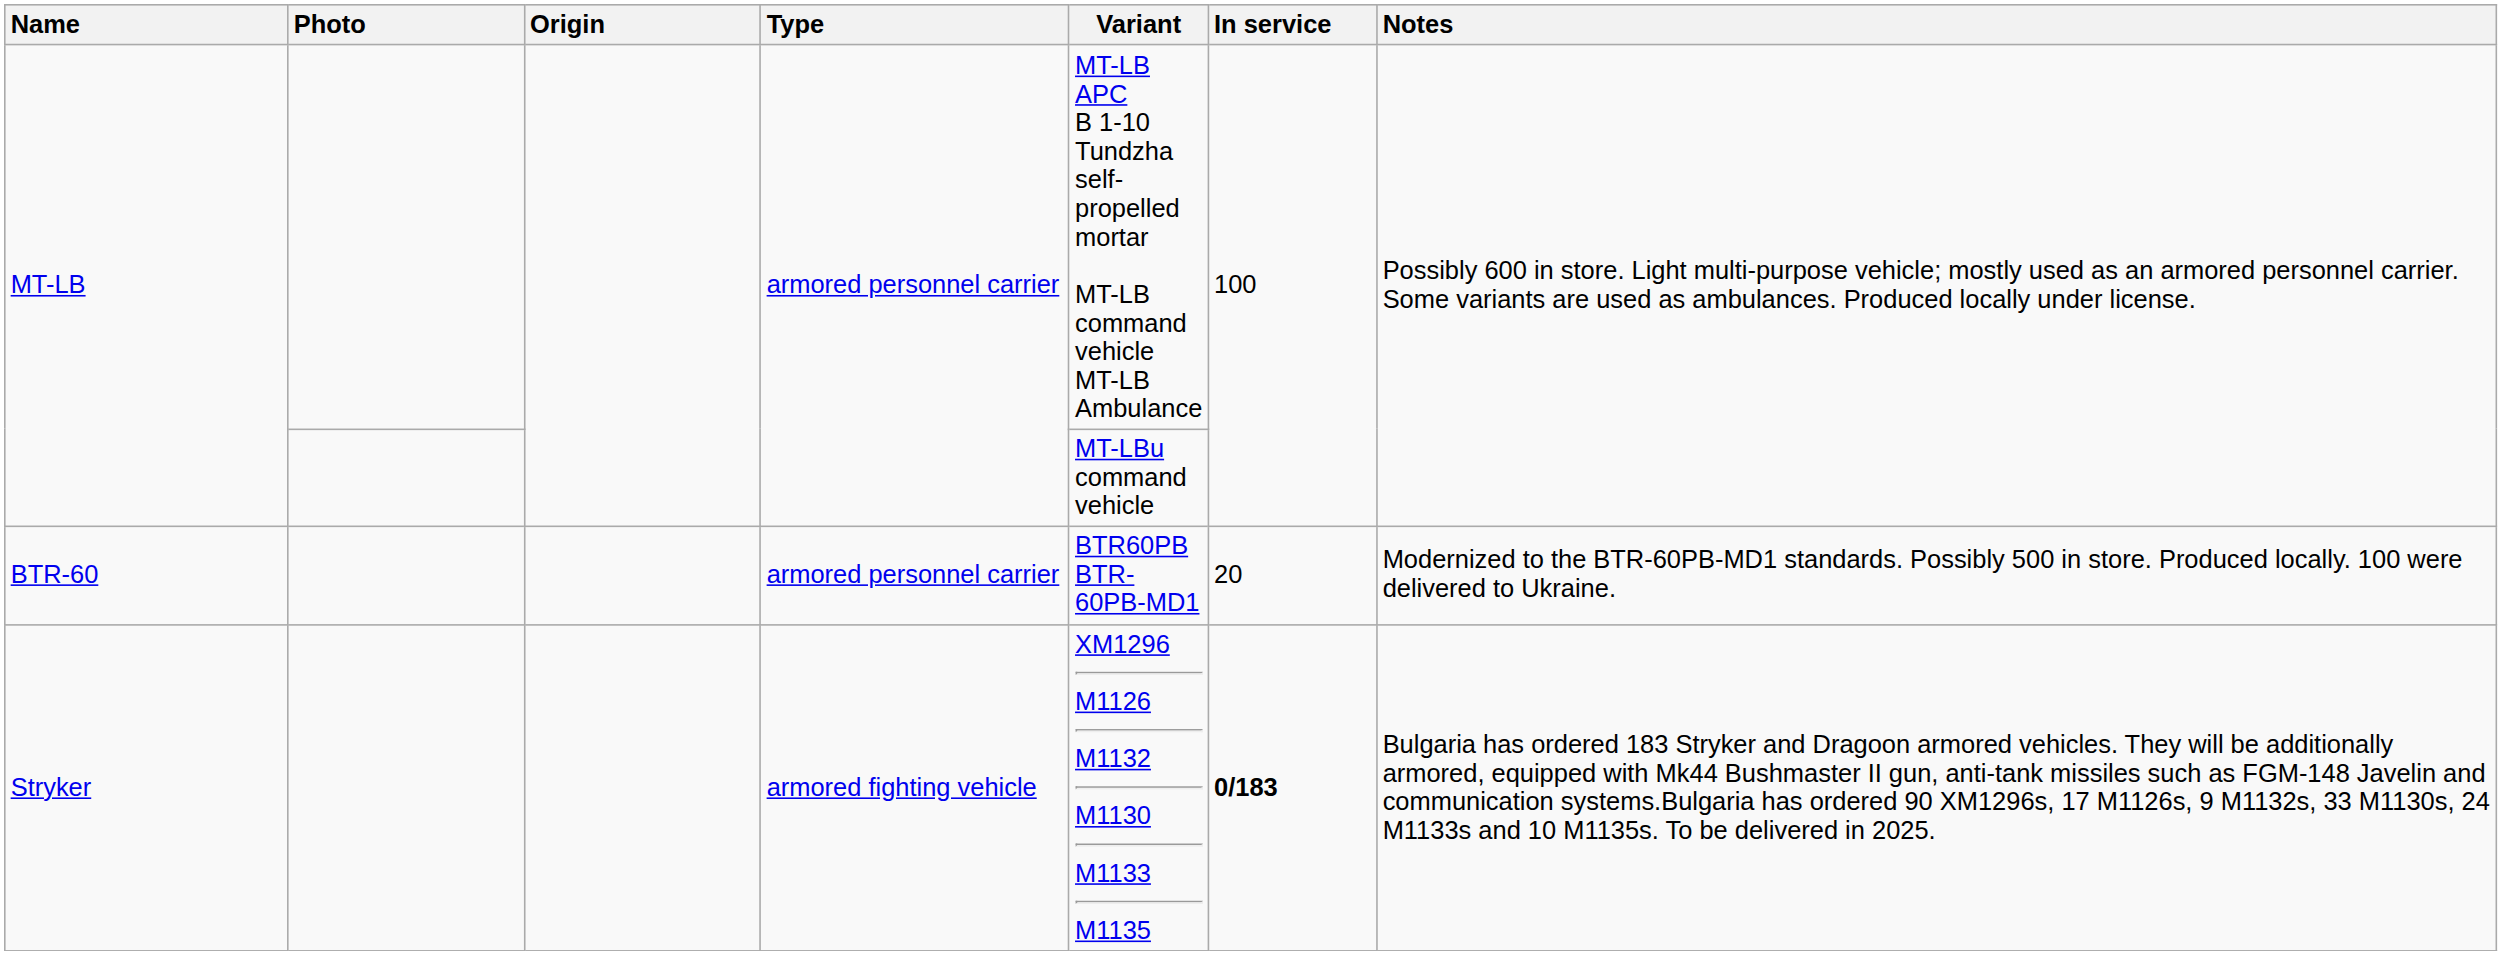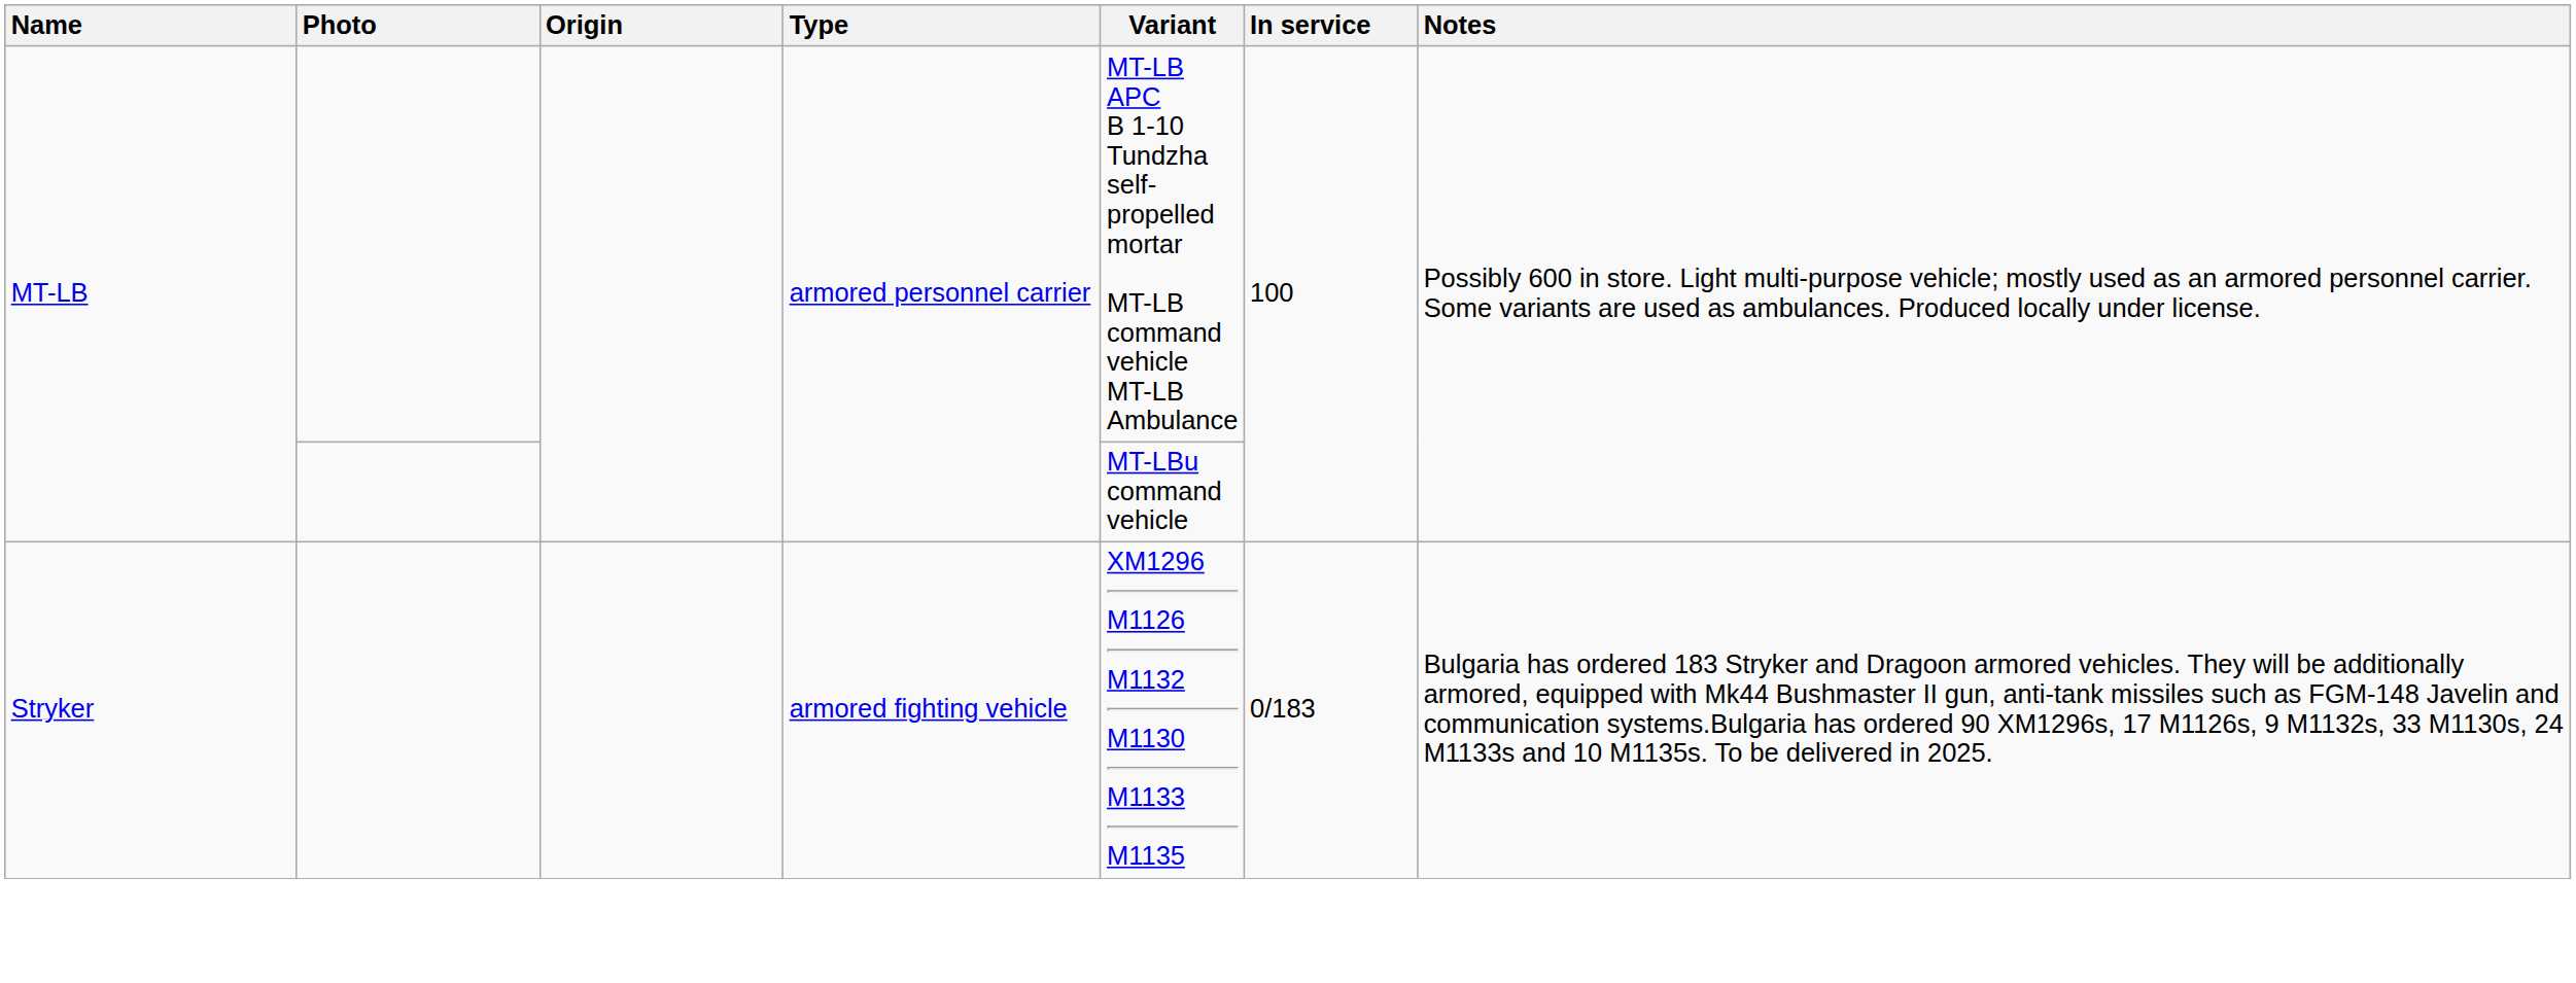 <table class="wikitable sortable">
 <tr>
 <th style="text-align: left; width:12%;">Name</th>
 <th style="text-align: left; width:10%;">Photo</th>
 <th style="text-align: left; width:10%;">Origin</th>
 <th style="text-align: left; width:13%;">Type</th>
 <th>Variant</th>
 <th style="text-align: left; width:7%;">In service</th>
 <th style="text-align: left; width:50%;">Notes</th>
 </tr>
 <tr>
 <td rowspan="2"><a href='#'>MT-LB</a></td>
 <td></td>
 <td rowspan="2"><br></td>
 <td rowspan="2"><a href='#'>armored personnel carrier</a></td>
 <td><a href='#'>MT-LB APC</a><br>B 1-10 Tundzha self-propelled mortar<br><br>MT-LB command vehicle MT-LB Ambulance</td>
 <td rowspan="2">100</td>
 <td rowspan="2">Possibly 600 in store. Light multi-purpose vehicle; mostly used as an armored personnel carrier. Some variants are used as ambulances. Produced locally under license.</td>
 </tr>
 <tr>
 <td></td>
 <td><a href='#'>MT-LBu</a> command vehicle</td>
 </tr>
 <tr>
-<td><a href='#'>BTR-60</a></td>
-<td></td>
-<td><br></td>
-<td><a href='#'>armored personnel carrier</a></td>
-<td><a href='#'>BTR60PB</a><br><a href='#'>BTR-60PB-MD1</a></td>
-<td>20</td>
-<td>Modernized to the BTR-60PB-MD1 standards. Possibly 500 in store. Produced locally. 100 were delivered to Ukraine.</td>
-</tr>
-<tr>
 <td><a href='#'>Stryker</a></td>
 <td></td>
 <td></td>
 <td><a href='#'>armored fighting vehicle</a></td>
 <td><a href='#'>XM1296</a><hr><a href='#'>M1126</a><hr><a href='#'>M1132</a><hr><a href='#'>M1130</a><hr><a href='#'>M1133</a><hr><a href='#'>M1135</a></td>
-<td><strong>0/183</strong></td>
+<td>0/183</td>
 <td>Bulgaria has ordered 183 Stryker and Dragoon armored vehicles. They will be additionally armored, equipped with Mk44 Bushmaster II gun, anti-tank missiles such as FGM-148 Javelin and communication systems.Bulgaria has ordered 90 XM1296s, 17 M1126s, 9 M1132s, 33 M1130s, 24 M1133s and 10 M1135s. To be delivered in 2025.</td>
 </tr>
 </table>
